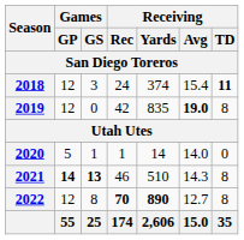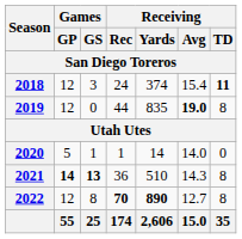 <table class="wikitable" style="text-align:center;">
 <tr>
 <th rowspan="2">Season</th>
 <th colspan="2">Games</th>
 <th colspan="4">Receiving</th>
 </tr>
 <tr>
 <th>GP</th>
 <th>GS</th>
 <th>Rec</th>
 <th>Yards</th>
 <th>Avg</th>
 <th>TD</th>
 </tr>
 <tr>
 <th colspan="8">San Diego Toreros</th>
 </tr>
 <tr>
 <th><a href='#'>2018</a></th>
 <td>12</td>
 <td>3</td>
 <td>24</td>
 <td>374</td>
 <td>15.4</td>
 <td><strong>11</strong></td>
 </tr>
 <tr>
 <th><a href='#'>2019</a></th>
 <td>12</td>
 <td>0</td>
-<td>42</td>
+<td>44</td>
 <td>835</td>
 <td><strong>19.0</strong></td>
 <td>8</td>
 </tr>
 <tr>
 <th colspan="8">Utah Utes</th>
 </tr>
 <tr>
 <th><a href='#'>2020</a></th>
 <td>5</td>
 <td>1</td>
 <td>1</td>
 <td>14</td>
 <td>14.0</td>
 <td>0</td>
 </tr>
 <tr>
 <th><a href='#'>2021</a></th>
 <td><strong>14</strong></td>
 <td><strong>13</strong></td>
-<td>46</td>
+<td>36</td>
 <td>510</td>
 <td>14.3</td>
 <td>8</td>
 </tr>
 <tr>
 <th><a href='#'>2022</a></th>
 <td>12</td>
 <td>8</td>
 <td><strong>70</strong></td>
 <td><strong>890</strong></td>
 <td>12.7</td>
 <td>8</td>
 </tr>
 <tr>
 <th></th>
 <th>55</th>
 <th>25</th>
 <th>174</th>
 <th>2,606</th>
 <th>15.0</th>
 <th>35</th>
 </tr>
 </table>
